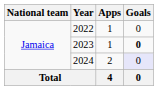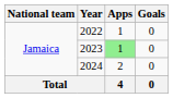 <table class=wikitable style="text-align: center;">
 <tr>
 <th>National team</th>
 <th>Year</th>
 <th>Apps</th>
 <th>Goals</th>
 </tr>
 <tr>
 <td rowspan="3"><a href='#'>Jamaica</a></td>
 <td>2022</td>
 <td>1</td>
 <td>0</td>
 </tr>
 <tr>
 <td>2023</td>
-<td>1</td>
-<td><strong>0</strong></td>
+<td style="background: lightgreen;">1</td>
+<td>0</td>
 </tr>
 <tr>
 <td>2024</td>
 <td>2</td>
-<td style="background: lavender;">0</td>
+<td>0</td>
 </tr>
 <tr>
 <th colspan="2">Total</th>
 <th>4</th>
 <th>0</th>
 </tr>
 </table>
